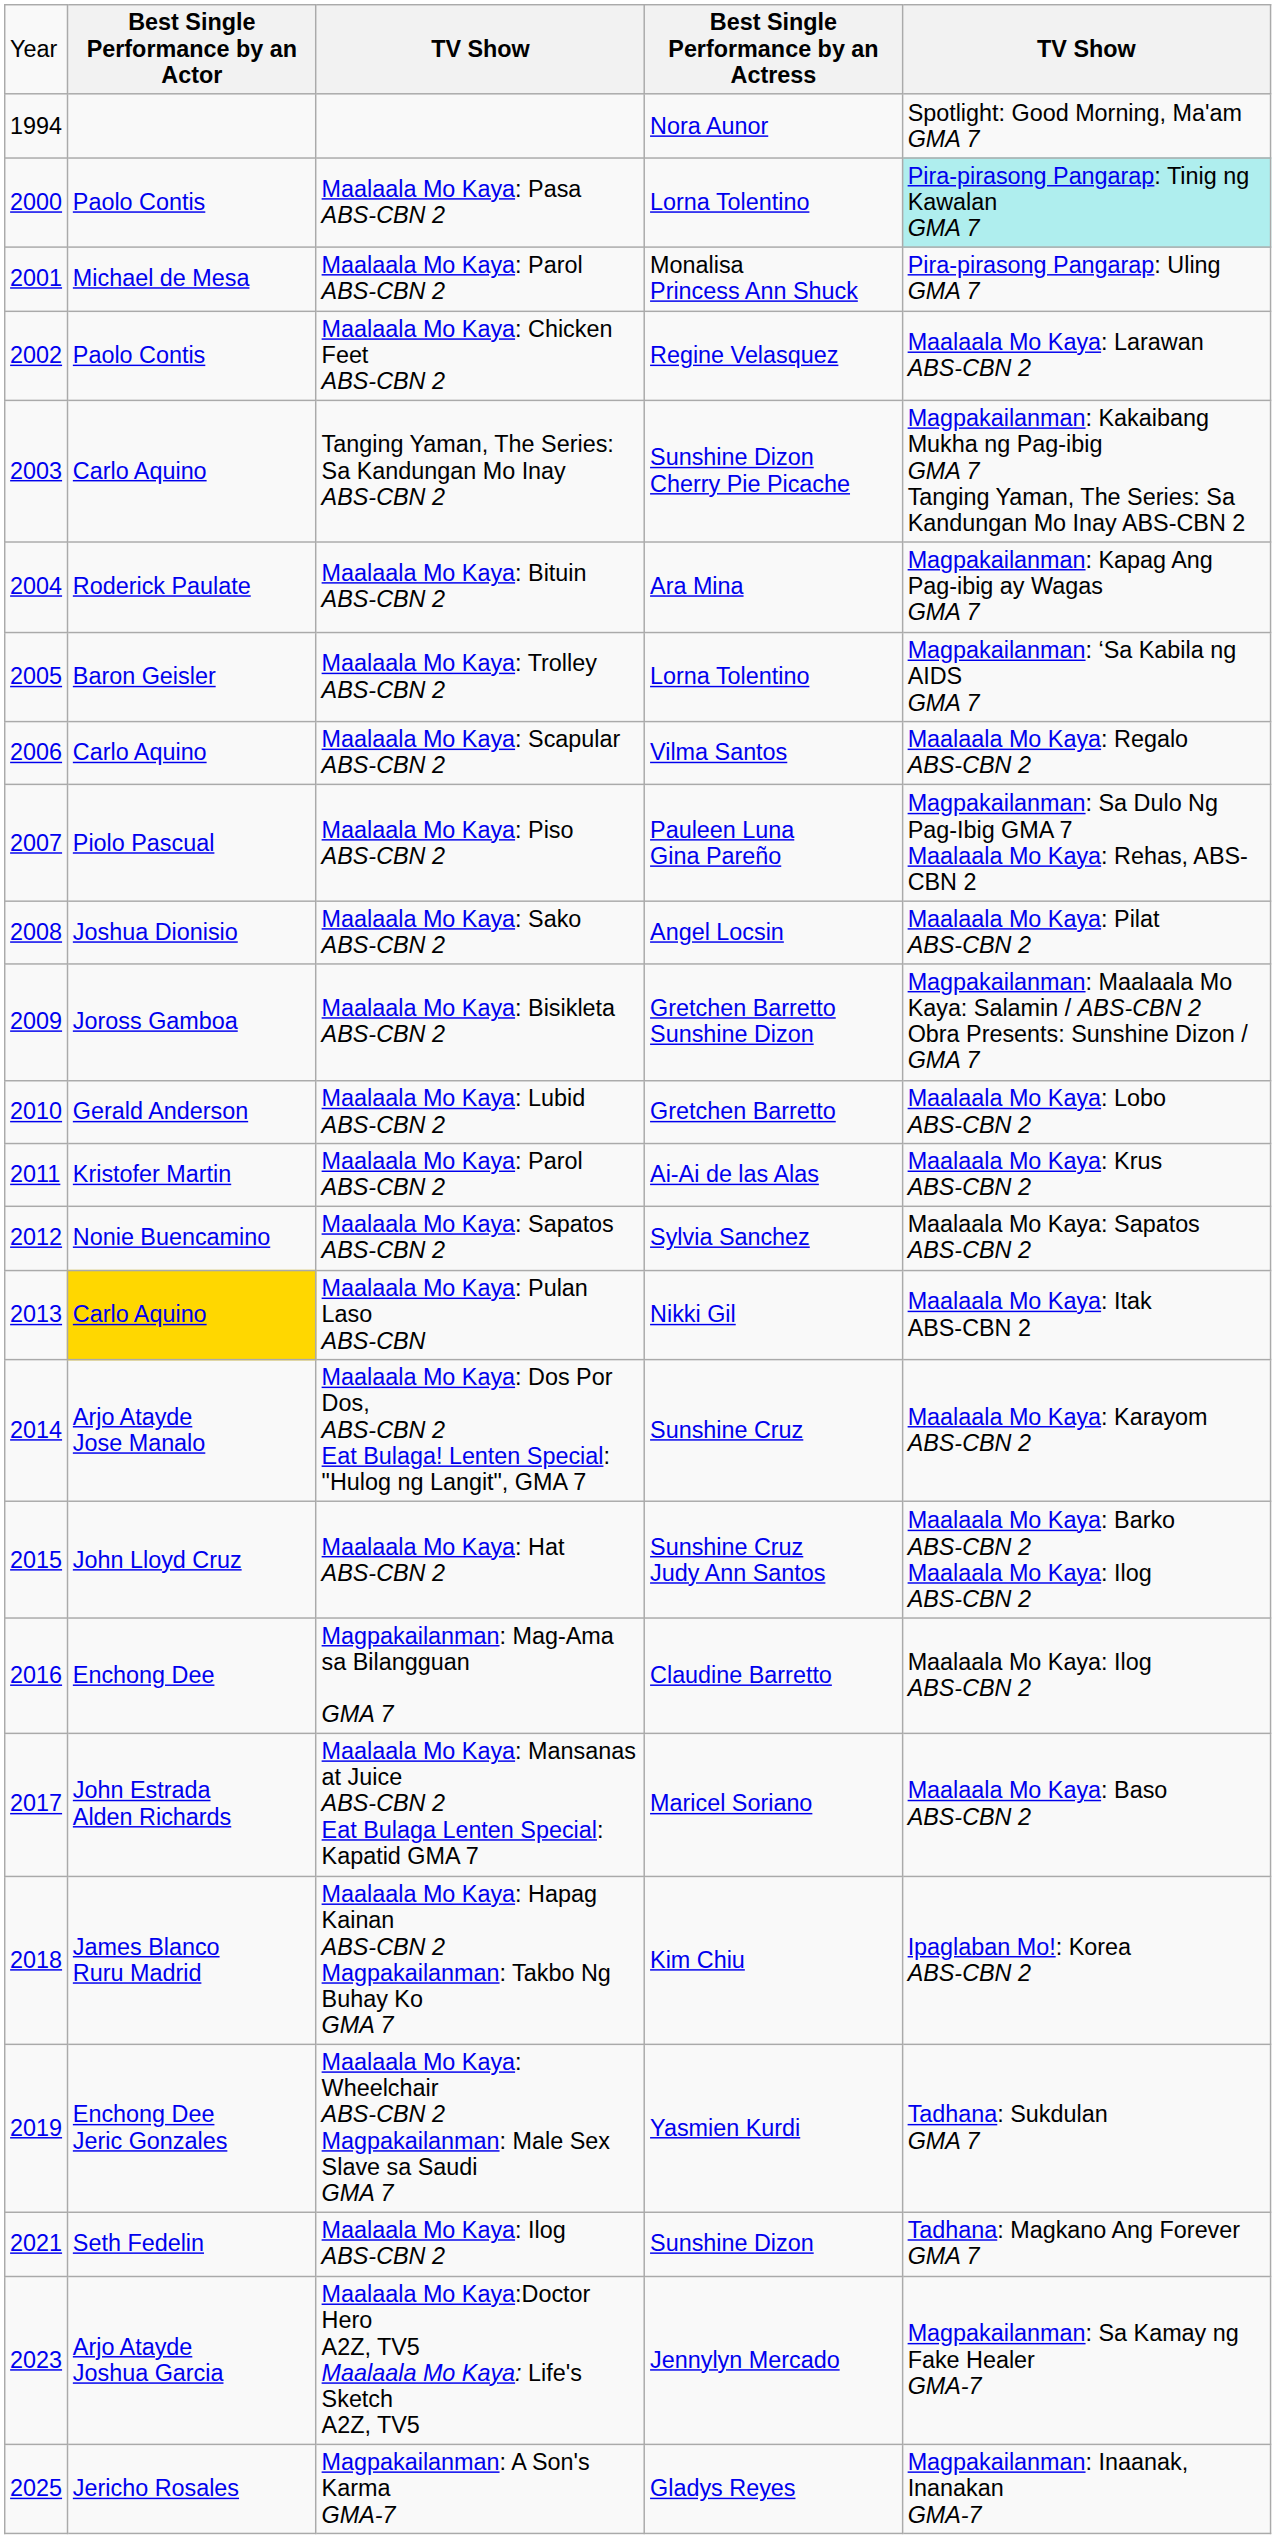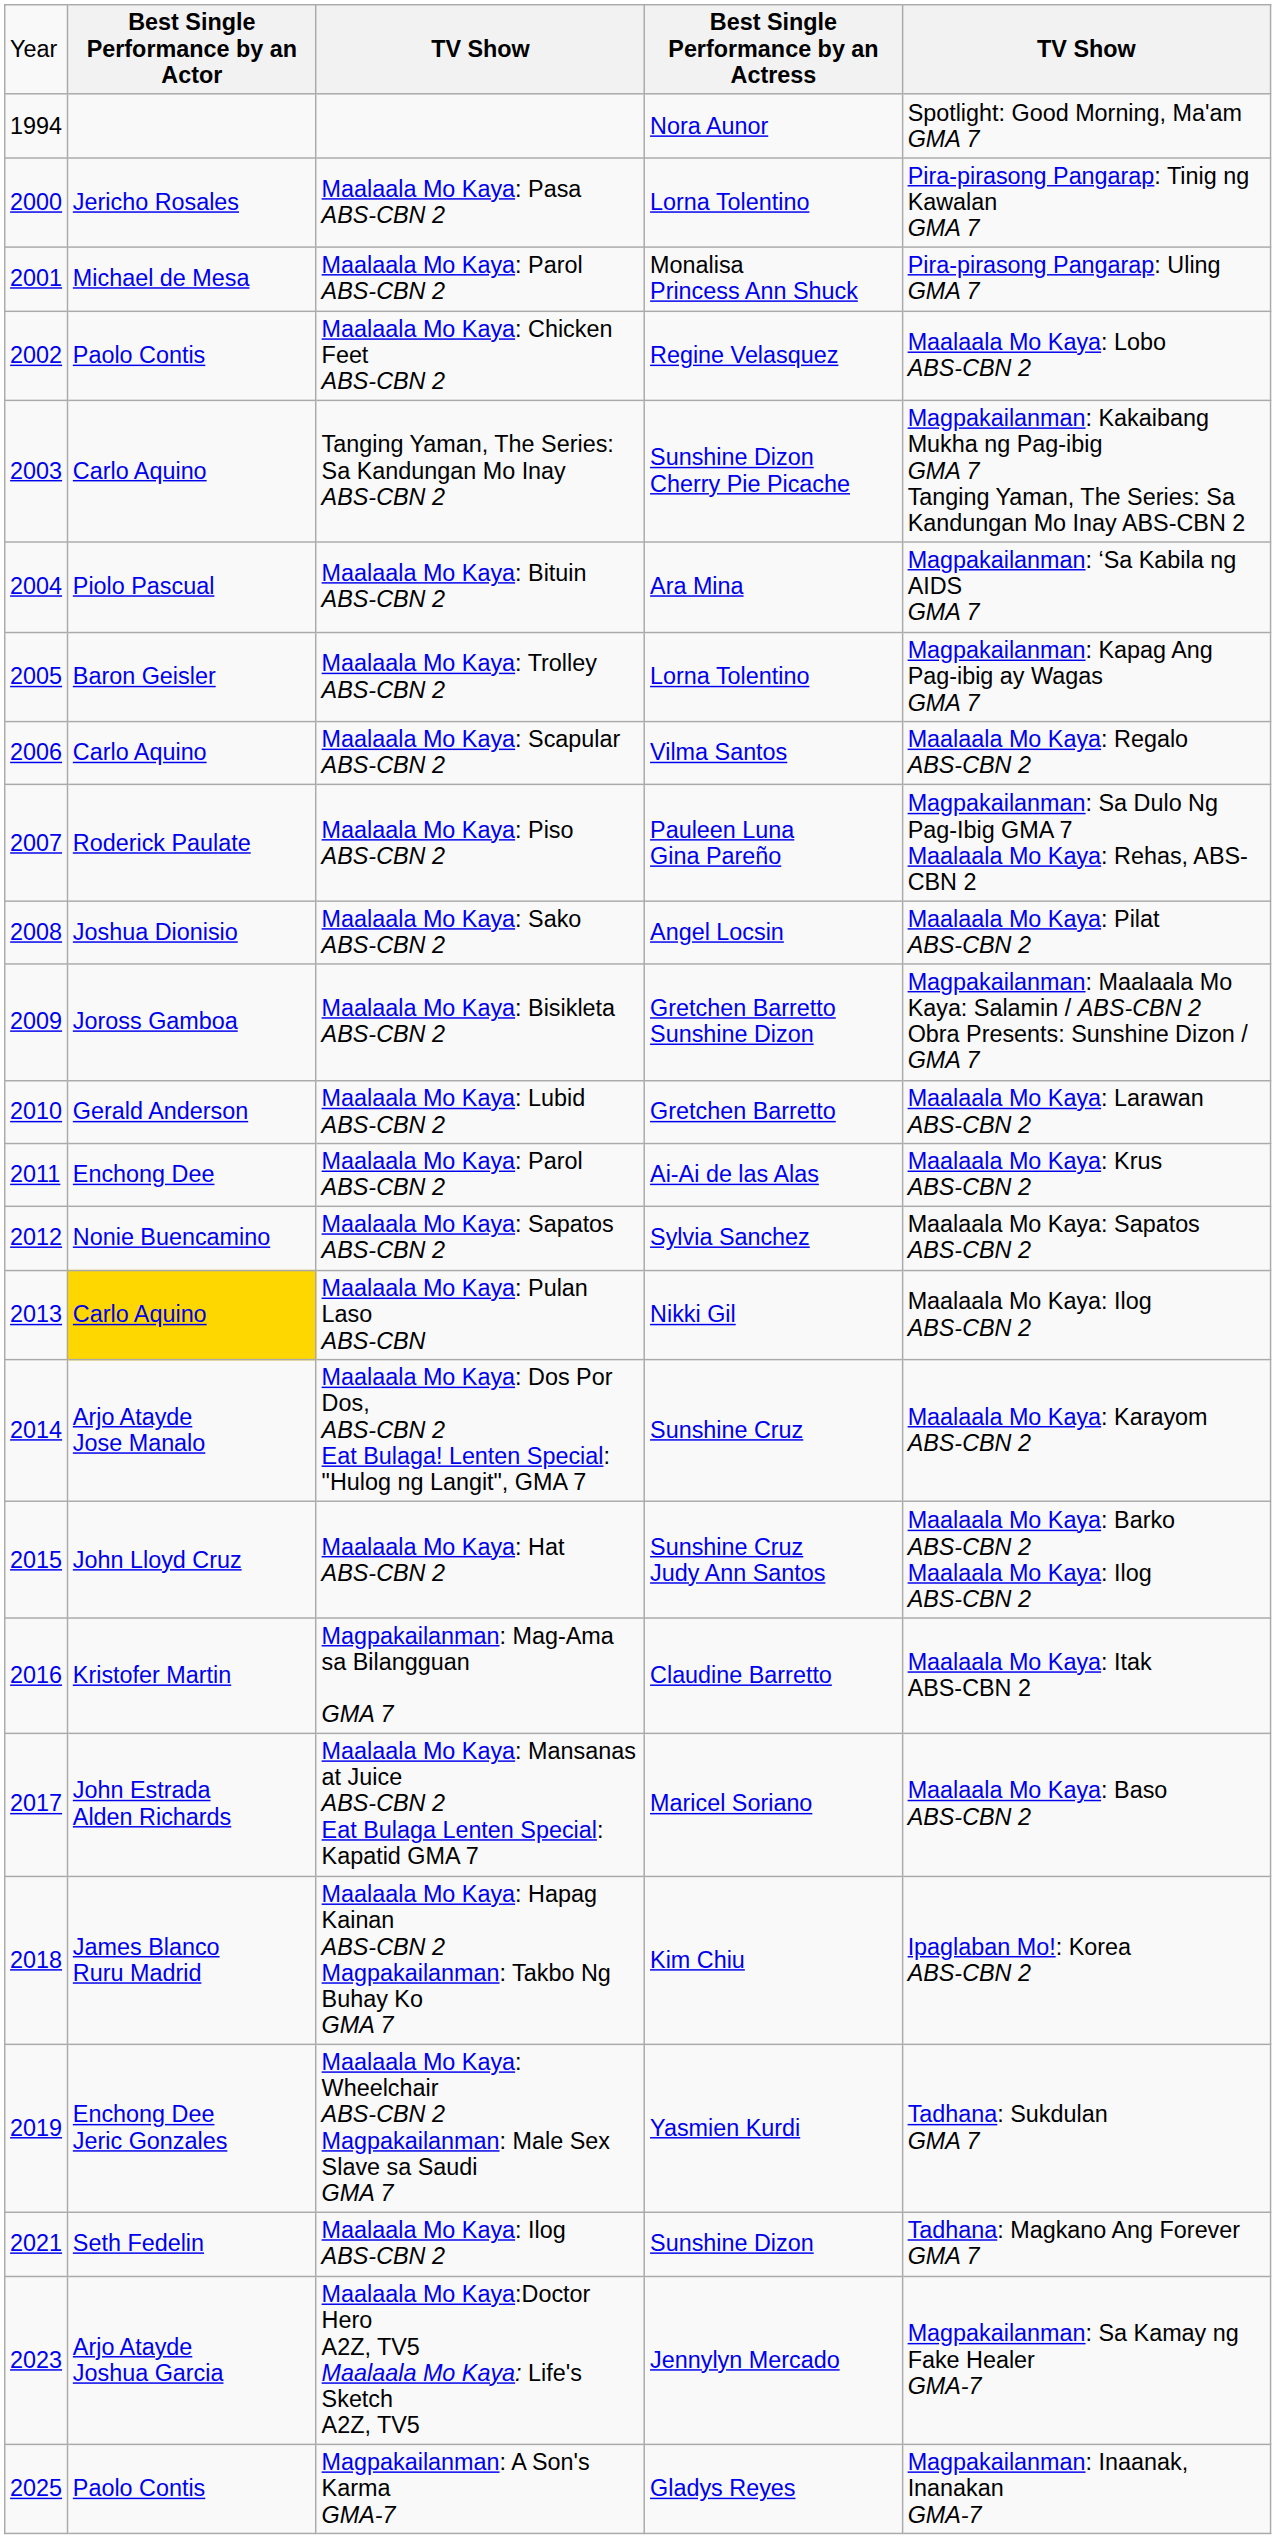 <table border="2"cellpadding="3"cellspacing="0"style="border-collapse:collapse;margin:0auto;" class="wikitable">
 <tr>
 <td>Year</td>
 <th>Best Single Performance by an Actor</th>
 <th>TV Show</th>
 <th>Best Single Performance by an Actress</th>
 <th>TV Show</th>
 </tr>
 <tr>
 <td>1994</td>
 <td></td>
 <td></td>
 <td><a href='#'>Nora Aunor</a></td>
 <td>Spotlight: Good Morning, Ma'am <br><em>GMA 7</em></td>
 </tr>
 <tr>
 <td><a href='#'>2000</a></td>
-<td><a href='#'>Paolo Contis</a></td>
+<td><a href='#'>Jericho Rosales</a></td>
 <td><a href='#'>Maalaala Mo Kaya</a>: Pasa <br><em>ABS-CBN 2</em></td>
 <td><a href='#'>Lorna Tolentino</a></td>
-<td style="background: paleturquoise;"><a href='#'>Pira-pirasong Pangarap</a>: Tinig ng Kawalan <br><em>GMA 7</em></td>
+<td><a href='#'>Pira-pirasong Pangarap</a>: Tinig ng Kawalan <br><em>GMA 7</em></td>
 </tr>
 <tr>
 <td><a href='#'>2001</a></td>
 <td><a href='#'>Michael de Mesa</a></td>
 <td><a href='#'>Maalaala Mo Kaya</a>: Parol<br><em>ABS-CBN 2</em></td>
 <td>Monalisa <br> <a href='#'>Princess Ann Shuck</a></td>
 <td><a href='#'>Pira-pirasong Pangarap</a>: Uling <br><em>GMA 7</em></td>
 </tr>
 <tr>
 <td><a href='#'>2002</a></td>
 <td><a href='#'>Paolo Contis</a></td>
 <td><a href='#'>Maalaala Mo Kaya</a>: Chicken Feet<br><em>ABS-CBN 2</em></td>
 <td><a href='#'>Regine Velasquez</a></td>
-<td><a href='#'>Maalaala Mo Kaya</a>: Larawan <br><em>ABS-CBN 2</em></td>
+<td><a href='#'>Maalaala Mo Kaya</a>: Lobo <br><em>ABS-CBN 2</em></td>
 </tr>
 <tr>
 <td><a href='#'>2003</a></td>
 <td><a href='#'>Carlo Aquino</a></td>
 <td>Tanging Yaman, The Series: Sa Kandungan Mo Inay<br><em>ABS-CBN 2</em></td>
 <td><a href='#'>Sunshine Dizon</a><br><a href='#'>Cherry Pie Picache</a></td>
 <td><a href='#'>Magpakailanman</a>: Kakaibang Mukha ng Pag-ibig<br><em>GMA 7</em> <br>Tanging Yaman, The Series: Sa Kandungan Mo Inay ABS-CBN 2</td>
 </tr>
 <tr>
 <td><a href='#'>2004</a></td>
-<td><a href='#'>Roderick Paulate</a></td>
+<td><a href='#'>Piolo Pascual</a></td>
 <td><a href='#'>Maalaala Mo Kaya</a>: Bituin<br> <em>ABS-CBN 2</em></td>
 <td><a href='#'>Ara Mina</a></td>
-<td><a href='#'>Magpakailanman</a>: Kapag Ang Pag-ibig ay Wagas<br><em>GMA 7</em></td>
+<td><a href='#'>Magpakailanman</a>: ‘Sa Kabila ng AIDS<br><em>GMA 7</em></td>
 </tr>
 <tr>
 <td><a href='#'>2005</a></td>
 <td><a href='#'>Baron Geisler</a></td>
 <td><a href='#'>Maalaala Mo Kaya</a>: Trolley <br><em>ABS-CBN 2</em></td>
 <td><a href='#'>Lorna Tolentino</a></td>
-<td><a href='#'>Magpakailanman</a>: ‘Sa Kabila ng AIDS<br><em>GMA 7</em></td>
+<td><a href='#'>Magpakailanman</a>: Kapag Ang Pag-ibig ay Wagas<br><em>GMA 7</em></td>
 </tr>
 <tr>
 <td><a href='#'>2006</a></td>
 <td><a href='#'>Carlo Aquino</a></td>
 <td><a href='#'>Maalaala Mo Kaya</a>: Scapular <br><em>ABS-CBN 2</em></td>
 <td><a href='#'>Vilma Santos</a></td>
 <td><a href='#'>Maalaala Mo Kaya</a>: Regalo <br><em>ABS-CBN 2</em></td>
 </tr>
 <tr>
 <td><a href='#'>2007</a></td>
-<td><a href='#'>Piolo Pascual</a></td>
+<td><a href='#'>Roderick Paulate</a></td>
 <td><a href='#'>Maalaala Mo Kaya</a>: Piso <br><em>ABS-CBN 2</em></td>
 <td><a href='#'>Pauleen Luna </a><br><a href='#'>Gina Pareño</a></td>
 <td><a href='#'>Magpakailanman</a>: Sa Dulo Ng Pag-Ibig GMA 7 <br><a href='#'>Maalaala Mo Kaya</a>: Rehas, ABS-CBN 2</td>
 </tr>
 <tr>
 <td><a href='#'>2008</a></td>
 <td><a href='#'>Joshua Dionisio</a></td>
 <td><a href='#'>Maalaala Mo Kaya</a>: Sako <br><em>ABS-CBN 2</em></td>
 <td><a href='#'>Angel Locsin</a></td>
 <td><a href='#'>Maalaala Mo Kaya</a>: Pilat<br><em>ABS-CBN 2</em></td>
 </tr>
 <tr>
 <td><a href='#'>2009</a></td>
 <td><a href='#'>Joross Gamboa</a></td>
 <td><a href='#'>Maalaala Mo Kaya</a>: Bisikleta <br><em>ABS-CBN 2</em></td>
 <td><a href='#'>Gretchen Barretto</a><br><a href='#'>Sunshine Dizon</a></td>
 <td><a href='#'>Magpakailanman</a>: Maalaala Mo Kaya: Salamin / <em>ABS-CBN 2</em> <br>Obra Presents: Sunshine Dizon / <em>GMA 7</em></td>
 </tr>
 <tr>
 <td><a href='#'>2010</a></td>
 <td><a href='#'>Gerald Anderson</a></td>
 <td><a href='#'>Maalaala Mo Kaya</a>: Lubid <br><em>ABS-CBN 2</em></td>
 <td><a href='#'>Gretchen Barretto</a></td>
-<td><a href='#'>Maalaala Mo Kaya</a>: Lobo <br><em>ABS-CBN 2</em></td>
+<td><a href='#'>Maalaala Mo Kaya</a>: Larawan <br><em>ABS-CBN 2</em></td>
 </tr>
 <tr>
 <td><a href='#'>2011</a></td>
-<td><a href='#'>Kristofer Martin</a></td>
+<td><a href='#'>Enchong Dee</a></td>
 <td><a href='#'>Maalaala Mo Kaya</a>: Parol <br><em>ABS-CBN 2</em></td>
 <td><a href='#'>Ai-Ai de las Alas</a></td>
 <td><a href='#'>Maalaala Mo Kaya</a>: Krus<br><em>ABS-CBN 2</em></td>
 </tr>
 <tr>
 <td><a href='#'>2012</a></td>
 <td><a href='#'>Nonie Buencamino</a></td>
 <td><a href='#'>Maalaala Mo Kaya</a>: Sapatos <br><em>ABS-CBN 2</em></td>
 <td><a href='#'>Sylvia Sanchez</a></td>
 <td>Maalaala Mo Kaya: Sapatos <br><em>ABS-CBN 2</em></td>
 </tr>
 <tr>
 <td><a href='#'>2013</a></td>
 <td style="background: gold;"><a href='#'>Carlo Aquino</a></td>
 <td><a href='#'>Maalaala Mo Kaya</a>: Pulan Laso<br><em>ABS-CBN</em></td>
 <td><a href='#'>Nikki Gil</a></td>
-<td><a href='#'>Maalaala Mo Kaya</a>: Itak <br>ABS-CBN 2</td>
+<td>Maalaala Mo Kaya: Ilog <br><em>ABS-CBN 2</em></td>
 </tr>
 <tr>
 <td><a href='#'>2014</a></td>
 <td><a href='#'>Arjo Atayde</a><br><a href='#'>Jose Manalo</a></td>
 <td><a href='#'>Maalaala Mo Kaya</a>: Dos Por Dos,<br><em>ABS-CBN 2</em> <br><a href='#'>Eat Bulaga! Lenten Special</a>: "Hulog ng Langit", GMA 7</td>
 <td><a href='#'>Sunshine Cruz</a></td>
 <td><a href='#'>Maalaala Mo Kaya</a>: Karayom<br><em>ABS-CBN 2</em></td>
 </tr>
 <tr>
 <td><a href='#'>2015</a></td>
 <td><a href='#'>John Lloyd Cruz</a></td>
 <td><a href='#'>Maalaala Mo Kaya</a>: Hat<br><em>ABS-CBN 2</em></td>
 <td><a href='#'>Sunshine Cruz</a><br><a href='#'>Judy Ann Santos</a></td>
 <td><a href='#'>Maalaala Mo Kaya</a>: Barko<br><em>ABS-CBN 2</em><br><a href='#'>Maalaala Mo Kaya</a>: Ilog<br><em>ABS-CBN 2</em></td>
 </tr>
 <tr>
 <td><a href='#'>2016</a></td>
-<td><a href='#'>Enchong Dee</a></td>
+<td><a href='#'>Kristofer Martin</a></td>
 <td><a href='#'>Magpakailanman</a>: Mag-Ama sa Bilangguan<br><br><em>GMA 7</em></td>
 <td><a href='#'>Claudine Barretto</a></td>
-<td>Maalaala Mo Kaya: Ilog <br><em>ABS-CBN 2</em></td>
+<td><a href='#'>Maalaala Mo Kaya</a>: Itak <br>ABS-CBN 2</td>
 </tr>
 <tr>
 <td><a href='#'>2017</a></td>
 <td><a href='#'>John Estrada</a><br><a href='#'>Alden Richards</a></td>
 <td><a href='#'>Maalaala Mo Kaya</a>: Mansanas at Juice<br><em>ABS-CBN 2</em><br><a href='#'>Eat Bulaga Lenten Special</a>: Kapatid GMA 7</td>
 <td><a href='#'>Maricel Soriano</a></td>
 <td><a href='#'>Maalaala Mo Kaya</a>: Baso<br><em>ABS-CBN 2</em></td>
 </tr>
 <tr>
 <td><a href='#'>2018</a></td>
 <td><a href='#'>James Blanco</a><br><a href='#'>Ruru Madrid</a></td>
 <td><a href='#'>Maalaala Mo Kaya</a>: Hapag Kainan<br><em>ABS-CBN 2</em><br><a href='#'>Magpakailanman</a>: Takbo Ng Buhay Ko<br><em>GMA 7</em></td>
 <td><a href='#'>Kim Chiu</a></td>
 <td><a href='#'>Ipaglaban Mo!</a>: Korea <br><em>ABS-CBN 2</em></td>
 </tr>
 <tr>
 <td><a href='#'>2019</a></td>
 <td><a href='#'>Enchong Dee</a><br><a href='#'>Jeric Gonzales</a></td>
 <td><a href='#'>Maalaala Mo Kaya</a>: Wheelchair<br><em>ABS-CBN 2</em><br><a href='#'>Magpakailanman</a>: Male Sex Slave sa Saudi<br><em>GMA 7</em></td>
 <td><a href='#'>Yasmien Kurdi</a></td>
 <td><a href='#'>Tadhana</a>: Sukdulan<br><em>GMA 7</em></td>
 </tr>
 <tr>
 <td><a href='#'>2021</a></td>
 <td><a href='#'>Seth Fedelin</a></td>
 <td><a href='#'>Maalaala Mo Kaya</a>: Ilog<br><em>ABS-CBN 2</em></td>
 <td><a href='#'>Sunshine Dizon</a></td>
 <td><a href='#'>Tadhana</a>: Magkano Ang Forever<br><em>GMA 7</em></td>
 </tr>
 <tr>
 <td><a href='#'>2023</a></td>
 <td><a href='#'>Arjo Atayde</a><br><a href='#'>Joshua Garcia</a></td>
 <td><a href='#'>Maalaala Mo Kaya</a>:Doctor Hero<br>A2Z, TV5<br><em><a href='#'>Maalaala Mo Kaya</a>:</em> Life's Sketch<br>A2Z, TV5</td>
 <td><a href='#'>Jennylyn Mercado</a></td>
 <td><a href='#'>Magpakailanman</a>: Sa Kamay ng Fake Healer<br><em>GMA-7</em></td>
 </tr>
 <tr>
 <td><a href='#'>2025</a></td>
-<td><a href='#'>Jericho Rosales</a></td>
+<td><a href='#'>Paolo Contis</a></td>
 <td><a href='#'>Magpakailanman</a>: A Son's Karma<br><em>GMA-7</em></td>
 <td><a href='#'>Gladys Reyes</a></td>
 <td><a href='#'>Magpakailanman</a>: Inaanak, Inanakan<br><em>GMA-7</em></td>
 </tr>
 </table>
